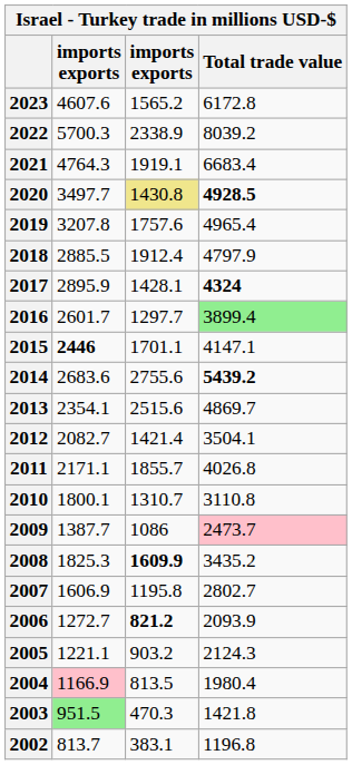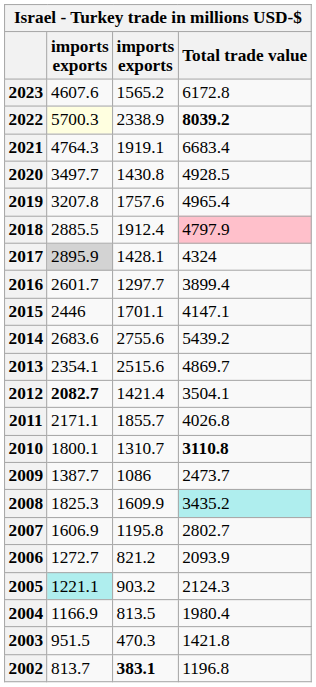 <table class="wikitable mw-collapsible mw-collapsed">
 <tr>
 <th colspan="4">Israel - Turkey trade in millions USD-$ </th>
 </tr>
 <tr>
 <th></th>
 <th> imports<br> exports</th>
 <th> imports<br> exports</th>
 <th>Total trade value</th>
 </tr>
 <tr>
 <th>2023</th>
 <td>4607.6</td>
 <td>1565.2</td>
 <td>6172.8</td>
 </tr>
 <tr>
 <th>2022</th>
-<td>5700.3</td>
+<td style="background: lightyellow;">5700.3</td>
 <td>2338.9</td>
-<td>8039.2</td>
+<td><strong>8039.2</strong></td>
 </tr>
 <tr>
 <th>2021</th>
 <td>4764.3</td>
 <td>1919.1</td>
 <td>6683.4</td>
 </tr>
 <tr>
 <th>2020</th>
 <td>3497.7</td>
-<td style="background: khaki;">1430.8</td>
-<td><strong>4928.5</strong></td>
+<td>1430.8</td>
+<td>4928.5</td>
 </tr>
 <tr>
 <th>2019</th>
 <td>3207.8</td>
 <td>1757.6</td>
 <td>4965.4</td>
 </tr>
 <tr>
 <th>2018</th>
 <td>2885.5</td>
 <td>1912.4</td>
-<td>4797.9</td>
+<td style="background: pink;">4797.9</td>
 </tr>
 <tr>
 <th>2017</th>
-<td>2895.9</td>
+<td style="background: lightgrey;">2895.9</td>
 <td>1428.1</td>
-<td><strong>4324</strong></td>
+<td>4324</td>
 </tr>
 <tr>
 <th>2016</th>
 <td>2601.7</td>
 <td>1297.7</td>
-<td style="background: lightgreen;">3899.4</td>
+<td>3899.4</td>
 </tr>
 <tr>
 <th>2015</th>
-<td><strong>2446</strong></td>
+<td>2446</td>
 <td>1701.1</td>
 <td>4147.1</td>
 </tr>
 <tr>
 <th>2014</th>
 <td>2683.6</td>
 <td>2755.6</td>
-<td><strong>5439.2</strong></td>
+<td>5439.2</td>
 </tr>
 <tr>
 <th>2013</th>
 <td>2354.1</td>
 <td>2515.6</td>
 <td>4869.7</td>
 </tr>
 <tr>
 <th>2012</th>
-<td>2082.7</td>
+<td><strong>2082.7</strong></td>
 <td>1421.4</td>
 <td>3504.1</td>
 </tr>
 <tr>
 <th>2011</th>
 <td>2171.1</td>
 <td>1855.7</td>
 <td>4026.8</td>
 </tr>
 <tr>
 <th>2010</th>
 <td>1800.1</td>
 <td>1310.7</td>
-<td>3110.8</td>
+<td><strong>3110.8</strong></td>
 </tr>
 <tr>
 <th>2009</th>
 <td>1387.7</td>
 <td>1086</td>
-<td style="background: pink;">2473.7</td>
+<td>2473.7</td>
 </tr>
 <tr>
 <th>2008</th>
 <td>1825.3</td>
-<td><strong>1609.9</strong></td>
-<td>3435.2</td>
+<td>1609.9</td>
+<td style="background: paleturquoise;">3435.2</td>
 </tr>
 <tr>
 <th>2007</th>
 <td>1606.9</td>
 <td>1195.8</td>
 <td>2802.7</td>
 </tr>
 <tr>
 <th>2006</th>
 <td>1272.7</td>
-<td><strong>821.2</strong></td>
+<td>821.2</td>
 <td>2093.9</td>
 </tr>
 <tr>
 <th>2005</th>
-<td>1221.1</td>
+<td style="background: paleturquoise;">1221.1</td>
 <td>903.2</td>
 <td>2124.3</td>
 </tr>
 <tr>
 <th>2004</th>
-<td style="background: pink;">1166.9</td>
+<td>1166.9</td>
 <td>813.5</td>
 <td>1980.4</td>
 </tr>
 <tr>
 <th>2003</th>
-<td style="background: lightgreen;">951.5</td>
+<td>951.5</td>
 <td>470.3</td>
 <td>1421.8</td>
 </tr>
 <tr>
 <th>2002</th>
 <td>813.7</td>
-<td>383.1</td>
+<td><strong>383.1</strong></td>
 <td>1196.8</td>
 </tr>
 </table>
